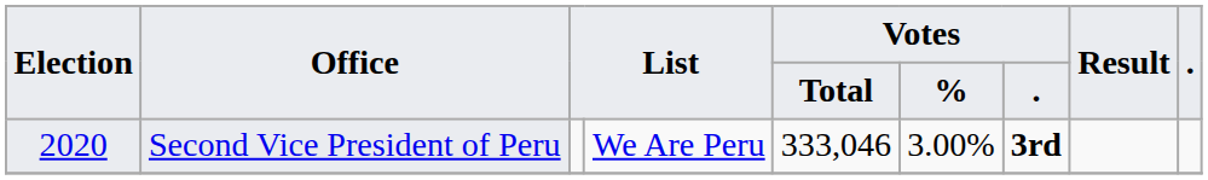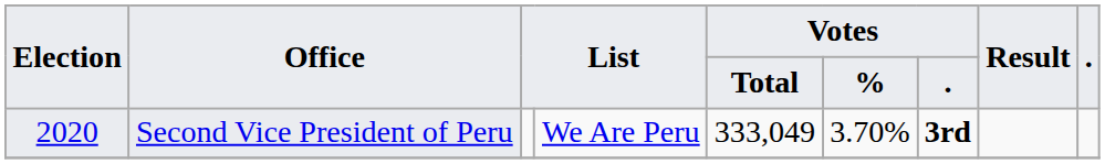 <table class="wikitable" style="font-size:90%; text-align:center;">
 <tr>
 <th style="background-color:#EAECF0;" rowspan=2>Election</th>
 <th style="background-color:#EAECF0;" rowspan=2>Office</th>
 <th style="background-color:#EAECF0;" colspan=2 rowspan=2>List</th>
 <th style="background-color:#EAECF0;" colspan=3>Votes</th>
 <th style="background-color:#EAECF0;" rowspan=2>Result</th>
 <th style="background-color:#EAECF0;" rowspan=2>.</th>
 </tr>
 <tr>
 <th style="background-color:#EAECF0;">Total</th>
 <th style="background-color:#EAECF0;">%</th>
 <th style="background-color:#EAECF0;">.</th>
 </tr>
 <tr>
 <td style="background-color:#EAECF0;"><a href='#'>2020</a></td>
 <td style="background-color:#EAECF0;”"><a href='#'>Second Vice President of Peru</a></td>
 <td style="background-color:"></td>
 <td><a href='#'>We Are Peru</a></td>
-<td>333,046</td>
-<td>3.00%</td>
+<td>333,049</td>
+<td>3.70%</td>
 <td><strong>3rd</strong></td>
 <td></td>
 <td></td>
 </tr>
 <tr>
 </tr>
 </table>
